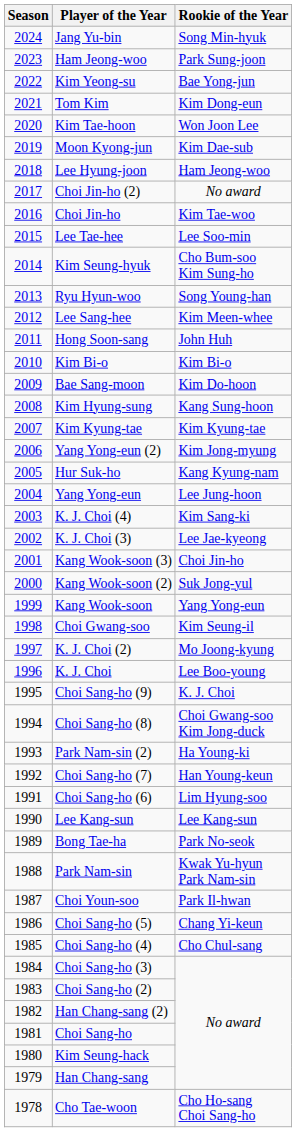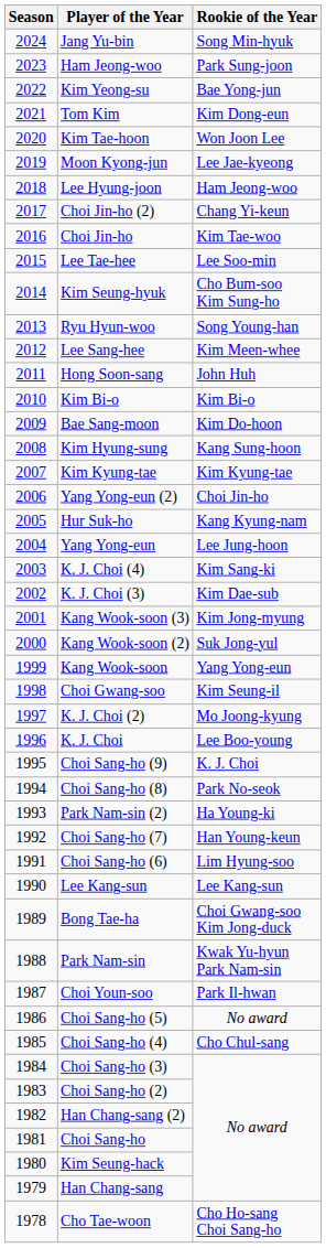 <table class="wikitable">
 <tr>
 <th>Season</th>
 <th>Player of the Year</th>
 <th>Rookie of the Year</th>
 </tr>
 <tr>
 <td align=center><a href='#'>2024</a></td>
 <td> <a href='#'>Jang Yu-bin</a></td>
 <td> <a href='#'>Song Min-hyuk</a></td>
 </tr>
 <tr>
 <td align=center><a href='#'>2023</a></td>
 <td> <a href='#'>Ham Jeong-woo</a></td>
 <td> <a href='#'>Park Sung-joon</a></td>
 </tr>
 <tr>
 <td align=center><a href='#'>2022</a></td>
 <td> <a href='#'>Kim Yeong-su</a></td>
 <td> <a href='#'>Bae Yong-jun</a></td>
 </tr>
 <tr>
 <td align=center><a href='#'>2021</a></td>
 <td> <a href='#'>Tom Kim</a></td>
 <td> <a href='#'>Kim Dong-eun</a></td>
 </tr>
 <tr>
 <td align=center><a href='#'>2020</a></td>
 <td> <a href='#'>Kim Tae-hoon</a></td>
 <td> <a href='#'>Won Joon Lee</a></td>
 </tr>
 <tr>
 <td align=center><a href='#'>2019</a></td>
 <td> <a href='#'>Moon Kyong-jun</a></td>
-<td> <a href='#'>Kim Dae-sub</a></td>
+<td> <a href='#'>Lee Jae-kyeong</a></td>
 </tr>
 <tr>
 <td align=center><a href='#'>2018</a></td>
 <td> <a href='#'>Lee Hyung-joon</a></td>
 <td> <a href='#'>Ham Jeong-woo</a></td>
 </tr>
 <tr>
 <td align=center><a href='#'>2017</a></td>
 <td> <a href='#'>Choi Jin-ho</a> (2)</td>
-<td align=center><em>No award</em></td>
+<td> <a href='#'>Chang Yi-keun</a></td>
 </tr>
 <tr>
 <td align=center><a href='#'>2016</a></td>
 <td> <a href='#'>Choi Jin-ho</a></td>
 <td> <a href='#'>Kim Tae-woo</a></td>
 </tr>
 <tr>
 <td align=center><a href='#'>2015</a></td>
 <td> <a href='#'>Lee Tae-hee</a></td>
 <td> <a href='#'>Lee Soo-min</a></td>
 </tr>
 <tr>
 <td align=center><a href='#'>2014</a></td>
 <td> <a href='#'>Kim Seung-hyuk</a></td>
 <td> <a href='#'>Cho Bum-soo</a><br> <a href='#'>Kim Sung-ho</a></td>
 </tr>
 <tr>
 <td align=center><a href='#'>2013</a></td>
 <td> <a href='#'>Ryu Hyun-woo</a></td>
 <td> <a href='#'>Song Young-han</a></td>
 </tr>
 <tr>
 <td align=center><a href='#'>2012</a></td>
 <td> <a href='#'>Lee Sang-hee</a></td>
 <td> <a href='#'>Kim Meen-whee</a></td>
 </tr>
 <tr>
 <td align=center><a href='#'>2011</a></td>
 <td> <a href='#'>Hong Soon-sang</a></td>
 <td> <a href='#'>John Huh</a></td>
 </tr>
 <tr>
 <td align=center><a href='#'>2010</a></td>
 <td> <a href='#'>Kim Bi-o</a></td>
 <td> <a href='#'>Kim Bi-o</a></td>
 </tr>
 <tr>
 <td align=center><a href='#'>2009</a></td>
 <td> <a href='#'>Bae Sang-moon</a></td>
 <td> <a href='#'>Kim Do-hoon</a></td>
 </tr>
 <tr>
 <td align=center><a href='#'>2008</a></td>
 <td> <a href='#'>Kim Hyung-sung</a></td>
 <td> <a href='#'>Kang Sung-hoon</a></td>
 </tr>
 <tr>
 <td align=center><a href='#'>2007</a></td>
 <td> <a href='#'>Kim Kyung-tae</a></td>
 <td> <a href='#'>Kim Kyung-tae</a></td>
 </tr>
 <tr>
 <td align=center><a href='#'>2006</a></td>
 <td> <a href='#'>Yang Yong-eun</a> (2)</td>
-<td> <a href='#'>Kim Jong-myung</a></td>
+<td> <a href='#'>Choi Jin-ho</a></td>
 </tr>
 <tr>
 <td align=center><a href='#'>2005</a></td>
 <td> <a href='#'>Hur Suk-ho</a></td>
 <td> <a href='#'>Kang Kyung-nam</a></td>
 </tr>
 <tr>
 <td align=center><a href='#'>2004</a></td>
 <td> <a href='#'>Yang Yong-eun</a></td>
 <td> <a href='#'>Lee Jung-hoon</a></td>
 </tr>
 <tr>
 <td align=center><a href='#'>2003</a></td>
 <td> <a href='#'>K. J. Choi</a> (4)</td>
 <td> <a href='#'>Kim Sang-ki</a></td>
 </tr>
 <tr>
 <td align=center><a href='#'>2002</a></td>
 <td> <a href='#'>K. J. Choi</a> (3)</td>
-<td> <a href='#'>Lee Jae-kyeong</a></td>
+<td> <a href='#'>Kim Dae-sub</a></td>
 </tr>
 <tr>
 <td align=center><a href='#'>2001</a></td>
 <td> <a href='#'>Kang Wook-soon</a> (3)</td>
-<td> <a href='#'>Choi Jin-ho</a></td>
+<td> <a href='#'>Kim Jong-myung</a></td>
 </tr>
 <tr>
 <td align=center><a href='#'>2000</a></td>
 <td> <a href='#'>Kang Wook-soon</a> (2)</td>
 <td> <a href='#'>Suk Jong-yul</a></td>
 </tr>
 <tr>
 <td align=center><a href='#'>1999</a></td>
 <td> <a href='#'>Kang Wook-soon</a></td>
 <td> <a href='#'>Yang Yong-eun</a></td>
 </tr>
 <tr>
 <td align=center><a href='#'>1998</a></td>
 <td> <a href='#'>Choi Gwang-soo</a></td>
 <td> <a href='#'>Kim Seung-il</a></td>
 </tr>
 <tr>
 <td align=center><a href='#'>1997</a></td>
 <td> <a href='#'>K. J. Choi</a> (2)</td>
 <td> <a href='#'>Mo Joong-kyung</a></td>
 </tr>
 <tr>
 <td align=center><a href='#'>1996</a></td>
 <td> <a href='#'>K. J. Choi</a></td>
 <td> <a href='#'>Lee Boo-young</a></td>
 </tr>
 <tr>
 <td align=center>1995</td>
 <td> <a href='#'>Choi Sang-ho</a> (9)</td>
 <td> <a href='#'>K. J. Choi</a></td>
 </tr>
 <tr>
 <td align=center>1994</td>
 <td> <a href='#'>Choi Sang-ho</a> (8)</td>
-<td> <a href='#'>Choi Gwang-soo</a><br> <a href='#'>Kim Jong-duck</a></td>
+<td> <a href='#'>Park No-seok</a></td>
 </tr>
 <tr>
 <td align=center>1993</td>
 <td> <a href='#'>Park Nam-sin</a> (2)</td>
 <td> <a href='#'>Ha Young-ki</a></td>
 </tr>
 <tr>
 <td align=center>1992</td>
 <td> <a href='#'>Choi Sang-ho</a> (7)</td>
 <td> <a href='#'>Han Young-keun</a></td>
 </tr>
 <tr>
 <td align=center>1991</td>
 <td> <a href='#'>Choi Sang-ho</a> (6)</td>
 <td> <a href='#'>Lim Hyung-soo</a></td>
 </tr>
 <tr>
 <td align=center>1990</td>
 <td> <a href='#'>Lee Kang-sun</a></td>
 <td> <a href='#'>Lee Kang-sun</a></td>
 </tr>
 <tr>
 <td align=center>1989</td>
 <td> <a href='#'>Bong Tae-ha</a></td>
-<td> <a href='#'>Park No-seok</a></td>
+<td> <a href='#'>Choi Gwang-soo</a><br> <a href='#'>Kim Jong-duck</a></td>
 </tr>
 <tr>
 <td align=center>1988</td>
 <td> <a href='#'>Park Nam-sin</a></td>
 <td> <a href='#'>Kwak Yu-hyun</a><br> <a href='#'>Park Nam-sin</a></td>
 </tr>
 <tr>
 <td align=center>1987</td>
 <td> <a href='#'>Choi Youn-soo</a></td>
 <td> <a href='#'>Park Il-hwan</a></td>
 </tr>
 <tr>
 <td align=center>1986</td>
 <td> <a href='#'>Choi Sang-ho</a> (5)</td>
-<td> <a href='#'>Chang Yi-keun</a></td>
+<td align=center><em>No award</em></td>
 </tr>
 <tr>
 <td align=center>1985</td>
 <td> <a href='#'>Choi Sang-ho</a> (4)</td>
 <td> <a href='#'>Cho Chul-sang</a></td>
 </tr>
 <tr>
 <td align=center>1984</td>
 <td> <a href='#'>Choi Sang-ho</a> (3)</td>
 <td align=center rowspan=6><em>No award</em></td>
 </tr>
 <tr>
 <td align=center>1983</td>
 <td> <a href='#'>Choi Sang-ho</a> (2)</td>
 </tr>
 <tr>
 <td align=center>1982</td>
 <td> <a href='#'>Han Chang-sang</a> (2)</td>
 </tr>
 <tr>
 <td align=center>1981</td>
 <td> <a href='#'>Choi Sang-ho</a></td>
 </tr>
 <tr>
 <td align=center>1980</td>
 <td> <a href='#'>Kim Seung-hack</a></td>
 </tr>
 <tr>
 <td align=center>1979</td>
 <td> <a href='#'>Han Chang-sang</a></td>
 </tr>
 <tr>
 <td align=center>1978</td>
 <td> <a href='#'>Cho Tae-woon</a></td>
 <td> <a href='#'>Cho Ho-sang</a><br> <a href='#'>Choi Sang-ho</a></td>
 </tr>
 </table>
